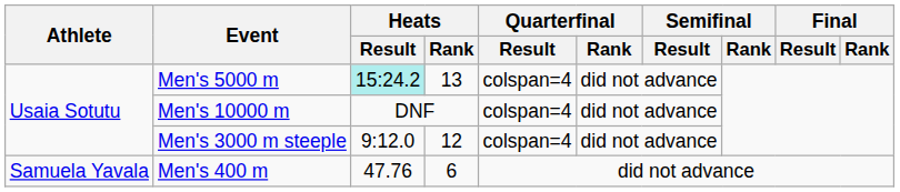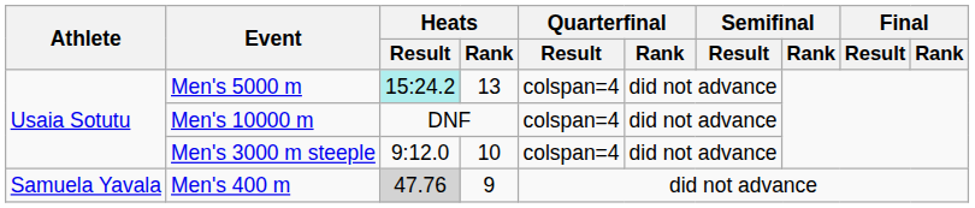 <table class="wikitable" style="font-size:90%">
 <tr>
 <th rowspan="2">Athlete</th>
 <th rowspan="2">Event</th>
 <th colspan="2">Heats</th>
 <th colspan="2">Quarterfinal</th>
 <th colspan="2">Semifinal</th>
 <th colspan="2">Final</th>
 </tr>
 <tr style="font-size:95%">
 <th>Result</th>
 <th>Rank</th>
 <th>Result</th>
 <th>Rank</th>
 <th>Result</th>
 <th>Rank</th>
 <th>Result</th>
 <th>Rank</th>
 </tr>
 <tr align=center>
 <td align=left rowspan=3><a href='#'>Usaia Sotutu</a></td>
 <td align=left><a href='#'>Men's 5000 m</a></td>
 <td style="background: paleturquoise;">15:24.2</td>
 <td>13</td>
 <td>colspan=4 </td>
 <td colspan=2>did not advance</td>
 </tr>
 <tr align=center>
 <td align=left><a href='#'>Men's 10000 m</a></td>
 <td colspan=2>DNF</td>
 <td>colspan=4 </td>
 <td colspan=2>did not advance</td>
 </tr>
 <tr align=center>
 <td align=left><a href='#'>Men's 3000 m steeple</a></td>
 <td>9:12.0</td>
-<td>12</td>
+<td>10</td>
 <td>colspan=4 </td>
 <td colspan=2>did not advance</td>
 </tr>
 <tr align=center>
 <td align=left><a href='#'>Samuela Yavala</a></td>
 <td align=left><a href='#'>Men's 400 m</a></td>
-<td>47.76</td>
-<td>6</td>
+<td style="background: lightgrey;">47.76</td>
+<td>9</td>
 <td colspan=6>did not advance</td>
 </tr>
 </table>
